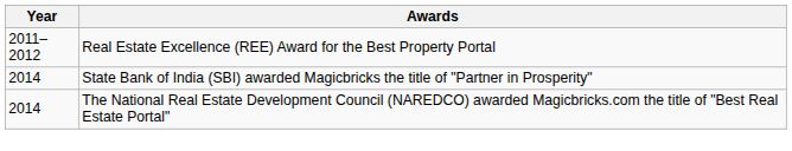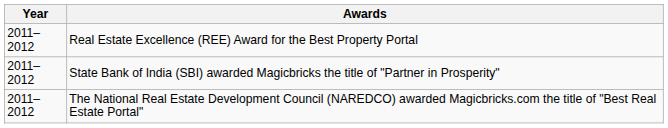 <table class="wikitable sortable">
 <tr>
 <th>Year</th>
 <th>Awards</th>
 </tr>
 <tr>
 <td>2011–2012</td>
 <td>Real Estate Excellence (REE) Award for the Best Property Portal</td>
 </tr>
 <tr>
-<td>2014</td>
+<td>2011–2012</td>
 <td>State Bank of India (SBI) awarded Magicbricks the title of "Partner in Prosperity"</td>
 </tr>
 <tr>
-<td>2014</td>
+<td>2011–2012</td>
 <td>The National Real Estate Development Council (NAREDCO) awarded Magicbricks.com the title of "Best Real Estate Portal"</td>
 </tr>
 </table>
